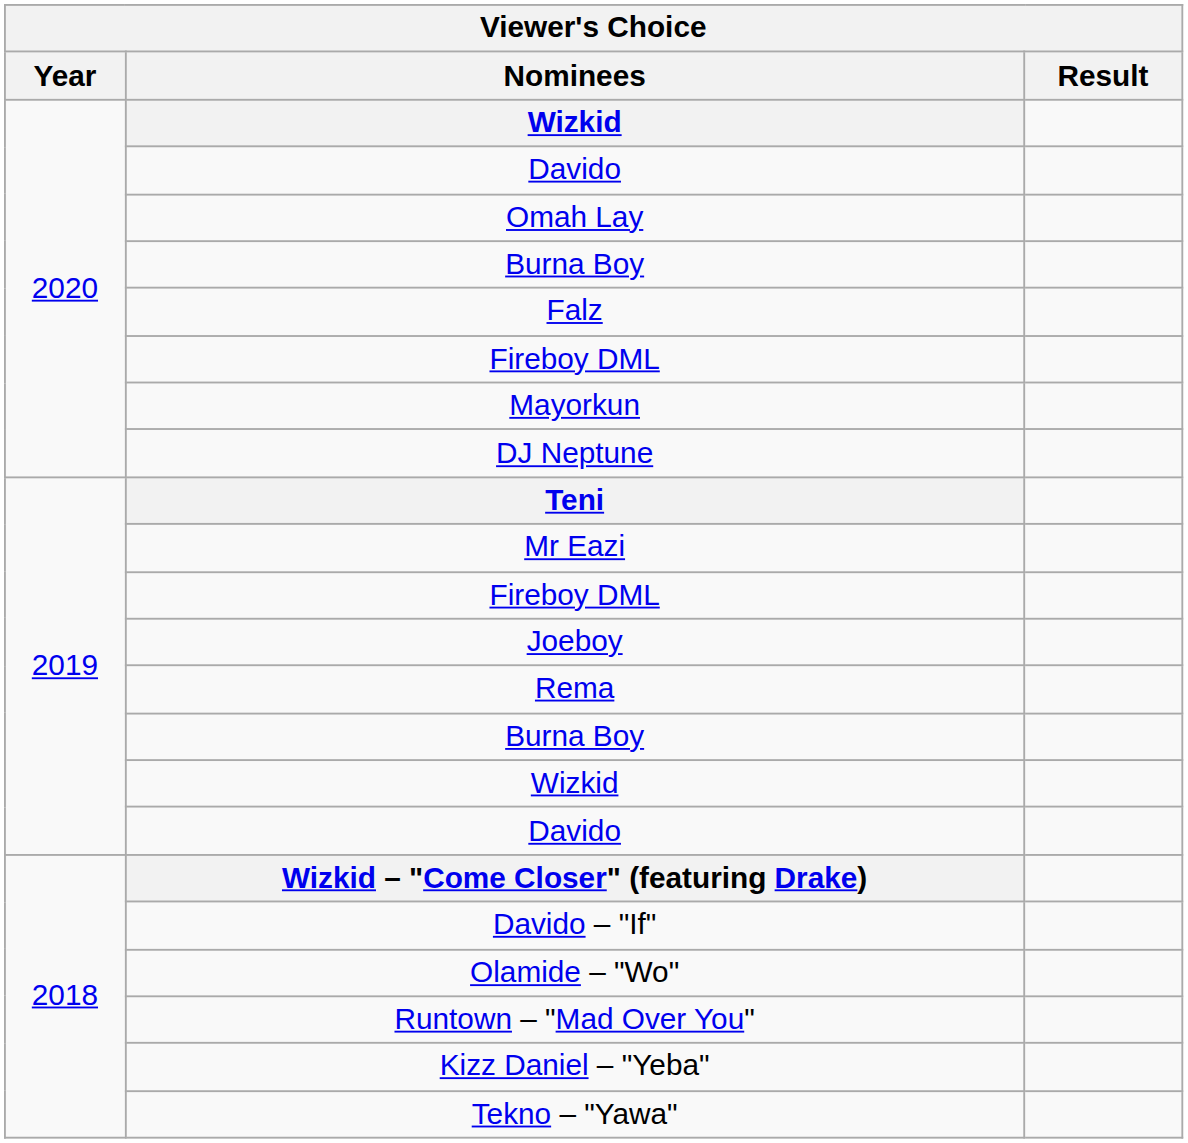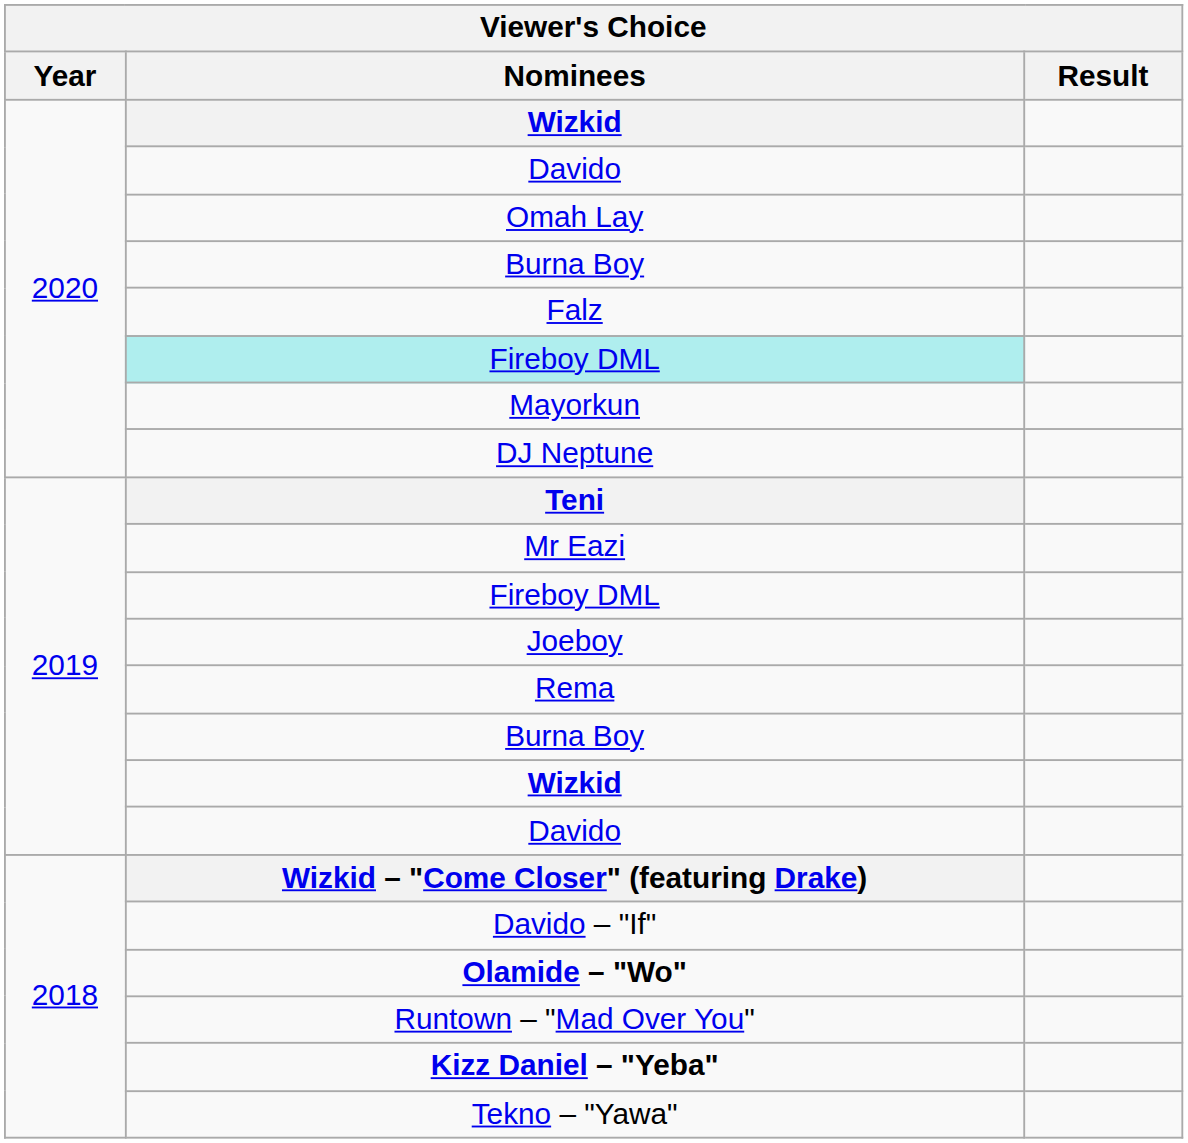 <table class=wikitable style="text-align:center" width="40%">
 <tr>
 <th colspan="4">Viewer's Choice</th>
 </tr>
 <tr>
 <th>Year</th>
 <th>Nominees</th>
 <th>Result</th>
 </tr>
 <tr>
 <td rowspan="8"><a href='#'>2020</a></td>
 <th><strong><a href='#'>Wizkid</a></strong></th>
 <td></td>
 </tr>
 <tr>
 <td><a href='#'>Davido</a></td>
 <td></td>
 </tr>
 <tr>
 <td><a href='#'>Omah Lay</a></td>
 <td></td>
 </tr>
 <tr>
 <td><a href='#'>Burna Boy</a></td>
 <td></td>
 </tr>
 <tr>
 <td><a href='#'>Falz</a></td>
 <td></td>
 </tr>
 <tr>
-<td><a href='#'>Fireboy DML</a></td>
+<td style="background: paleturquoise;"><a href='#'>Fireboy DML</a></td>
 <td></td>
 </tr>
 <tr>
 <td><a href='#'>Mayorkun</a></td>
 <td></td>
 </tr>
 <tr>
 <td><a href='#'>DJ Neptune</a></td>
 <td></td>
 </tr>
 <tr>
 <td rowspan="8"><a href='#'>2019</a></td>
 <th><a href='#'>Teni</a></th>
 <td></td>
 </tr>
 <tr>
 <td><a href='#'>Mr Eazi</a></td>
 <td></td>
 </tr>
 <tr>
 <td><a href='#'>Fireboy DML</a></td>
 <td></td>
 </tr>
 <tr>
 <td><a href='#'>Joeboy</a></td>
 <td></td>
 </tr>
 <tr>
 <td><a href='#'>Rema</a></td>
 <td></td>
 </tr>
 <tr>
 <td><a href='#'>Burna Boy</a></td>
 <td></td>
 </tr>
 <tr>
-<td><a href='#'>Wizkid</a></td>
+<td><strong><a href='#'>Wizkid</a></strong></td>
 <td></td>
 </tr>
 <tr>
 <td><a href='#'>Davido</a></td>
 <td></td>
 </tr>
 <tr>
 <td rowspan="6"><a href='#'>2018</a></td>
 <th><a href='#'>Wizkid</a> – "<a href='#'>Come Closer</a>" <span>(featuring <a href='#'>Drake</a>)</span></th>
 <td></td>
 </tr>
 <tr>
 <td><a href='#'>Davido</a> – "If"</td>
 <td></td>
 </tr>
 <tr>
-<td><a href='#'>Olamide</a> – "Wo"</td>
+<td><strong><a href='#'>Olamide</a> – "Wo"</strong></td>
 <td></td>
 </tr>
 <tr>
 <td><a href='#'>Runtown</a> – "<a href='#'>Mad Over You</a>"</td>
 <td></td>
 </tr>
 <tr>
-<td><a href='#'>Kizz Daniel</a> – "Yeba"</td>
+<td><strong><a href='#'>Kizz Daniel</a> – "Yeba"</strong></td>
 <td></td>
 </tr>
 <tr>
 <td><a href='#'>Tekno</a> – "Yawa"</td>
 <td></td>
 </tr>
 </table>
